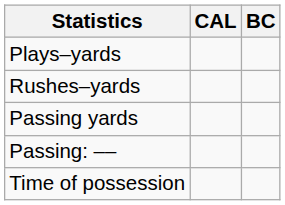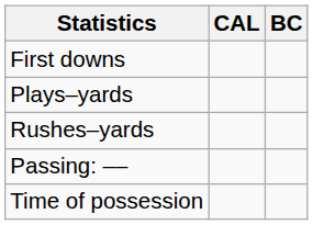 <table class="wikitable" style="float:left">
 <tr>
 <th>Statistics</th>
 <th>CAL</th>
 <th>BC</th>
+</tr>
+<tr>
+<td>First downs</td>
+<td></td>
+<td></td>
 </tr>
 <tr>
 <td>Plays–yards</td>
 <td></td>
 <td></td>
 </tr>
 <tr>
 <td>Rushes–yards</td>
-<td></td>
-<td></td>
-</tr>
-<tr>
-<td>Passing yards</td>
 <td></td>
 <td></td>
 </tr>
 <tr>
 <td>Passing: ––</td>
 <td></td>
 <td></td>
 </tr>
 <tr>
 <td>Time of possession</td>
 <td></td>
 <td></td>
 </tr>
 </table>
